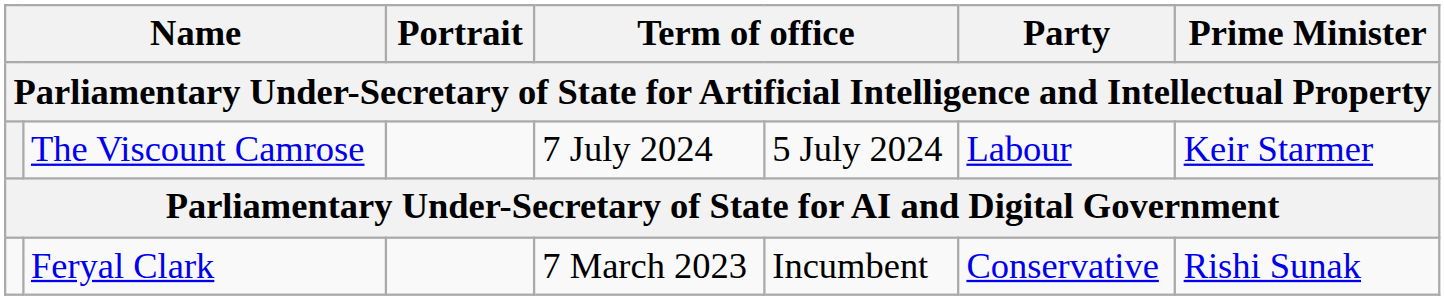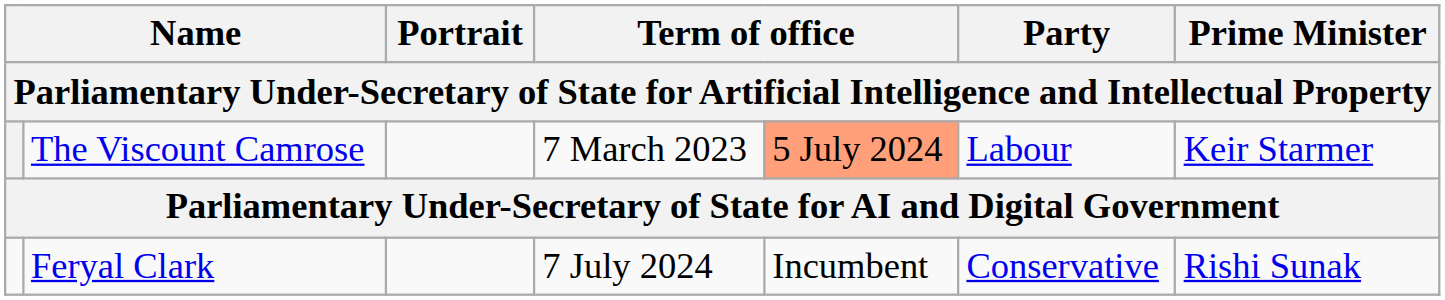 <table class="wikitable">
 <tr>
 <th colspan=2>Name</th>
 <th>Portrait</th>
 <th colspan="2">Term of office</th>
 <th>Party</th>
 <th>Prime Minister</th>
 </tr>
 <tr>
 <th colspan=7>Parliamentary Under-Secretary of State for Artificial Intelligence and Intellectual Property</th>
 </tr>
 <tr>
 <th style="background-color: "></th>
 <td><a href='#'>The Viscount Camrose</a></td>
 <td></td>
-<td>7 July 2024</td>
-<td>5 July 2024</td>
+<td>7 March 2023</td>
+<td style="background: lightsalmon;">5 July 2024</td>
 <td><a href='#'>Labour</a></td>
 <td><a href='#'>Keir Starmer</a></td>
 </tr>
 <tr>
 <th colspan=7>Parliamentary Under-Secretary of State for AI and Digital Government</th>
 </tr>
 <tr>
 <td style="color:inherit;background-color: "></td>
 <td><a href='#'>Feryal Clark</a></td>
 <td></td>
-<td>7 March 2023</td>
+<td>7 July 2024</td>
 <td>Incumbent</td>
 <td><a href='#'>Conservative</a></td>
 <td><a href='#'>Rishi Sunak</a></td>
 </tr>
 </table>
